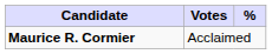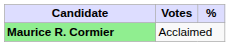 <table class="wikitable">
 <tr>
 <th style="background:#ddf; width:200px;">Candidate</th>
 <th style="background:#ddf; width:50px;">Votes</th>
 <th style="background:#ddf; width:30px;">%</th>
 </tr>
 <tr>
-<td><strong>Maurice R. Cormier</strong></td>
+<td style="background: lightgreen;"><strong>Maurice R. Cormier</strong></td>
 <td colspan="2">Acclaimed</td>
 </tr>
 </table>
